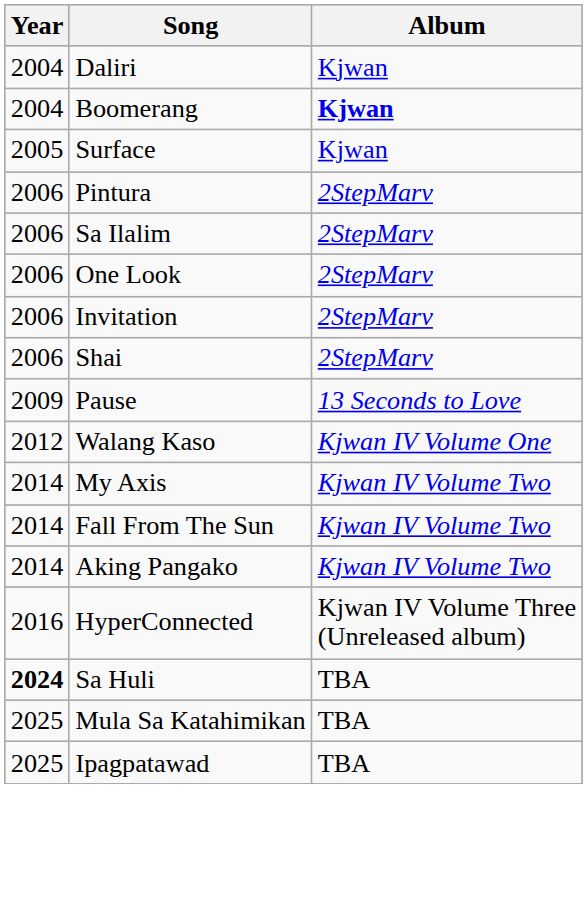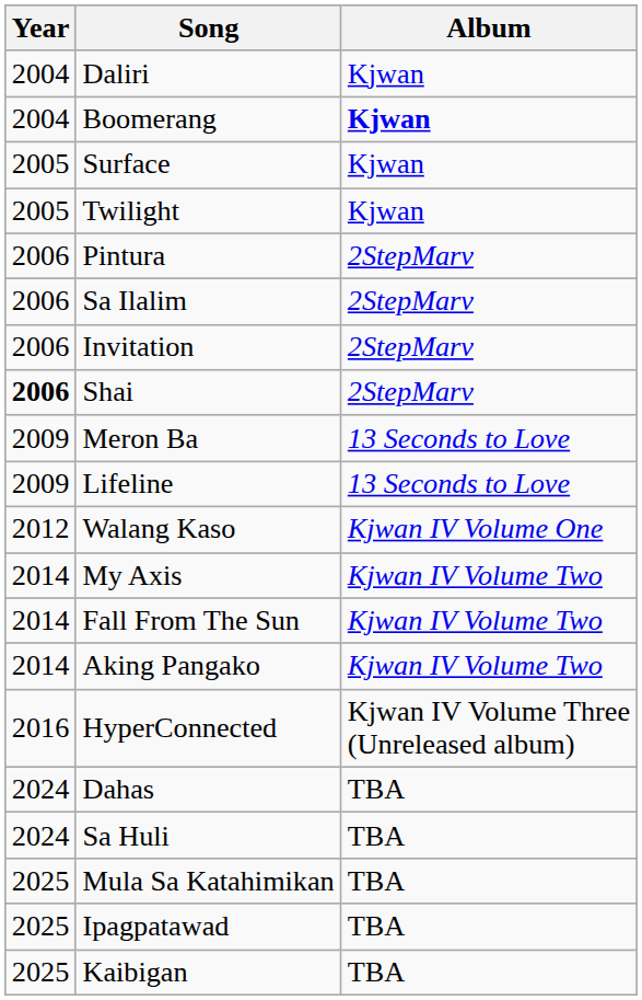 <table class="wikitable">
 <tr>
 <th>Year</th>
 <th>Song</th>
 <th>Album</th>
 </tr>
 <tr>
 <td>2004</td>
 <td>Daliri</td>
 <td><a href='#'>Kjwan</a></td>
 </tr>
 <tr>
 <td>2004</td>
 <td>Boomerang</td>
 <td><strong><a href='#'>Kjwan</a></strong></td>
 </tr>
 <tr>
 <td>2005</td>
 <td>Surface</td>
 <td><a href='#'>Kjwan</a></td>
 </tr>
 <tr>
+<td>2005</td>
+<td>Twilight</td>
+<td><a href='#'>Kjwan</a></td>
+</tr>
+<tr>
 <td>2006</td>
 <td>Pintura</td>
 <td><em><a href='#'>2StepMarv</a></em></td>
 </tr>
 <tr>
 <td>2006</td>
 <td>Sa Ilalim</td>
 <td><em><a href='#'>2StepMarv</a></em></td>
 </tr>
 <tr>
 <td>2006</td>
-<td>One Look</td>
-<td><em><a href='#'>2StepMarv</a></em></td>
-</tr>
-<tr>
-<td>2006</td>
 <td>Invitation</td>
 <td><em><a href='#'>2StepMarv</a></em></td>
 </tr>
 <tr>
-<td>2006</td>
+<td><strong>2006</strong></td>
 <td>Shai</td>
 <td><em><a href='#'>2StepMarv</a></em></td>
 </tr>
 <tr>
 <td>2009</td>
-<td>Pause</td>
+<td>Meron Ba</td>
+<td><em><a href='#'>13 Seconds to Love</a></em></td>
+</tr>
+<tr>
+<td>2009</td>
+<td>Lifeline</td>
 <td><em><a href='#'>13 Seconds to Love</a></em></td>
 </tr>
 <tr>
 <td>2012</td>
 <td>Walang Kaso</td>
 <td><em><a href='#'>Kjwan IV Volume One</a></em></td>
 </tr>
 <tr>
 <td>2014</td>
 <td>My Axis</td>
 <td><em><a href='#'>Kjwan IV Volume Two</a></em></td>
 </tr>
 <tr>
 <td>2014</td>
 <td>Fall From The Sun</td>
 <td><em><a href='#'>Kjwan IV Volume Two</a></em></td>
 </tr>
 <tr>
 <td>2014</td>
 <td>Aking Pangako</td>
 <td><em><a href='#'>Kjwan IV Volume Two</a></em></td>
 </tr>
 <tr>
 <td>2016</td>
 <td>HyperConnected</td>
 <td>Kjwan IV Volume Three<br>(Unreleased album)</td>
 </tr>
 <tr>
-<td><strong>2024</strong></td>
+<td>2024</td>
+<td>Dahas</td>
+<td>TBA</td>
+</tr>
+<tr>
+<td>2024</td>
 <td>Sa Huli</td>
 <td>TBA</td>
 </tr>
 <tr>
 <td>2025</td>
 <td>Mula Sa Katahimikan</td>
 <td>TBA</td>
 </tr>
 <tr>
 <td>2025</td>
 <td>Ipagpatawad</td>
 <td>TBA</td>
 </tr>
 <tr>
+<td>2025</td>
+<td>Kaibigan</td>
+<td>TBA</td>
+</tr>
+<tr>
 </tr>
 </table>
